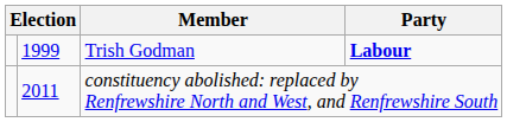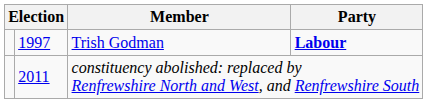 <table class="wikitable">
 <tr>
 <th colspan="2">Election</th>
 <th>Member</th>
 <th>Party</th>
 </tr>
 <tr>
 <td style="background-color: "></td>
-<td><a href='#'>1999</a></td>
+<td><a href='#'>1997</a></td>
 <td><a href='#'>Trish Godman</a></td>
 <td><strong><a href='#'>Labour</a></strong></td>
 </tr>
 <tr>
 <td style="background-color:"></td>
 <td><a href='#'>2011</a></td>
 <td colspan="3"><em>constituency abolished: replaced by <br><a href='#'>Renfrewshire North and West</a>, and <a href='#'>Renfrewshire South</a></em></td>
 </tr>
 </table>
